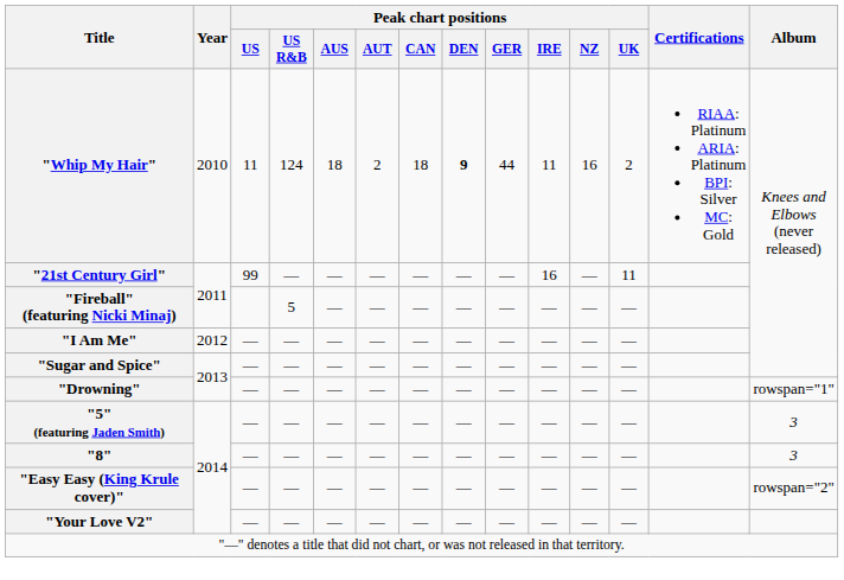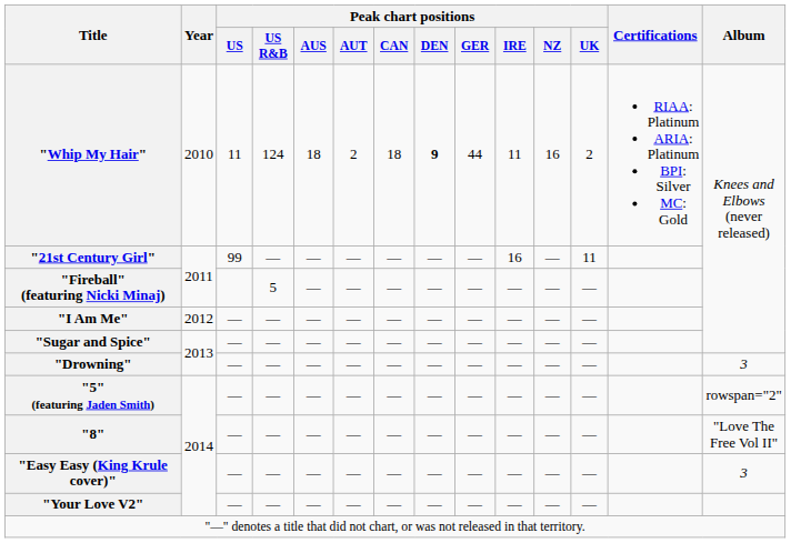 <table class="wikitable plainrowheaders" style="text-align:center;">
 <tr>
 <th scope="col" rowspan="2" style="width:16em;">Title</th>
 <th scope="col" rowspan="2">Year</th>
 <th scope="col" colspan="10">Peak chart positions</th>
 <th scope="col" rowspan="2"><a href='#'>Certifications</a></th>
 <th scope="col" rowspan="2">Album</th>
 </tr>
 <tr>
 <th scope="col" style="width:3em;font-size:90%;"><a href='#'>US</a><br></th>
 <th scope="col" style="width:3em;font-size:90%;"><a href='#'>US R&B</a><br></th>
 <th scope="col" style="width:3em;font-size:90%;"><a href='#'>AUS</a><br></th>
 <th scope="col" style="width:3em;font-size:90%;"><a href='#'>AUT</a></th>
 <th scope="col" style="width:3em;font-size:90%;"><a href='#'>CAN</a><br></th>
 <th scope="col" style="width:3em;font-size:90%;"><a href='#'>DEN</a><br></th>
 <th scope="col" style="width:3em;font-size:90%;"><a href='#'>GER</a><br></th>
 <th scope="col" style="width:3em;font-size:90%;"><a href='#'>IRE</a><br></th>
 <th scope="col" style="width:3em;font-size:90%;"><a href='#'>NZ</a><br></th>
 <th scope="col" style="width:3em;font-size:90%;"><a href='#'>UK</a><br></th>
 </tr>
 <tr>
 <th scope="row">"<a href='#'>Whip My Hair</a>"</th>
 <td>2010</td>
 <td>11</td>
 <td>124</td>
 <td>18</td>
 <td>2</td>
 <td>18</td>
 <td><strong>9</strong></td>
 <td>44</td>
 <td>11</td>
 <td>16</td>
 <td>2</td>
 <td><br><ul><li><a href='#'>RIAA</a>: Platinum</li><li><a href='#'>ARIA</a>: Platinum</li><li><a href='#'>BPI</a>: Silver</li><li><a href='#'>MC</a>: Gold</li></ul></td>
 <td rowspan="5"><em>Knees and Elbows</em> (never released)</td>
 </tr>
 <tr>
 <th scope="row">"<a href='#'>21st Century Girl</a>"</th>
 <td rowspan="2">2011</td>
 <td>99</td>
 <td>—</td>
 <td>—</td>
 <td>—</td>
 <td>—</td>
 <td>—</td>
 <td>—</td>
 <td>16</td>
 <td>—</td>
 <td>11</td>
 <td></td>
 </tr>
 <tr>
 <th scope="row">"Fireball"<br><span>(featuring <a href='#'>Nicki Minaj</a>)</span></th>
 <td></td>
 <td>5</td>
 <td>—</td>
 <td>—</td>
 <td>—</td>
 <td>—</td>
 <td>—</td>
 <td>—</td>
 <td>—</td>
 <td>—</td>
 <td></td>
 </tr>
 <tr>
 <th scope="row">"I Am Me"</th>
 <td>2012</td>
 <td>—</td>
 <td>—</td>
 <td>—</td>
 <td>—</td>
 <td>—</td>
 <td>—</td>
 <td>—</td>
 <td>—</td>
 <td>—</td>
 <td>—</td>
 <td></td>
 </tr>
 <tr>
 <th scope="row">"Sugar and Spice"</th>
 <td rowspan="2">2013</td>
 <td>—</td>
 <td>—</td>
 <td>—</td>
 <td>—</td>
 <td>—</td>
 <td>—</td>
 <td>—</td>
 <td>—</td>
 <td>—</td>
 <td>—</td>
 <td></td>
 </tr>
 <tr>
 <th scope="row">"Drowning"<br><span></span></th>
 <td>—</td>
 <td>—</td>
 <td>—</td>
 <td>—</td>
 <td>—</td>
 <td>—</td>
 <td>—</td>
 <td>—</td>
 <td>—</td>
 <td>—</td>
 <td></td>
-<td>rowspan="1" </td>
+<td rowspan="1"><em>3</em></td>
 </tr>
 <tr>
 <th scope="row">"5"<br><small>(featuring <a href='#'>Jaden Smith</a>)</small></th>
 <td rowspan="4">2014</td>
 <td>—</td>
 <td>—</td>
 <td>—</td>
 <td>—</td>
 <td>—</td>
 <td>—</td>
 <td>—</td>
 <td>—</td>
 <td>—</td>
 <td>—</td>
 <td></td>
-<td rowspan="1"><em>3</em></td>
+<td>rowspan="2" </td>
 </tr>
 <tr>
 <th scope="row">"8"</th>
 <td>—</td>
 <td>—</td>
 <td>—</td>
 <td>—</td>
 <td>—</td>
 <td>—</td>
 <td>—</td>
 <td>—</td>
 <td>—</td>
 <td>—</td>
 <td></td>
-<td rowspan="1"><em>3</em></td>
+<td>"Love The Free Vol II"</td>
 </tr>
 <tr>
 <th scope="row">"Easy Easy (<a href='#'>King Krule</a> cover)"</th>
 <td>—</td>
 <td>—</td>
 <td>—</td>
 <td>—</td>
 <td>—</td>
 <td>—</td>
 <td>—</td>
 <td>—</td>
 <td>—</td>
 <td>—</td>
 <td></td>
-<td>rowspan="2" </td>
+<td rowspan="1"><em>3</em></td>
 </tr>
 <tr>
 <th scope="row">"Your Love V2"</th>
 <td>—</td>
 <td>—</td>
 <td>—</td>
 <td>—</td>
 <td>—</td>
 <td>—</td>
 <td>—</td>
 <td>—</td>
 <td>—</td>
 <td>—</td>
 <td></td>
 </tr>
 <tr>
 <td colspan="14" style="font-size:90%">"—" denotes a title that did not chart, or was not released in that territory.</td>
 </tr>
 </table>
